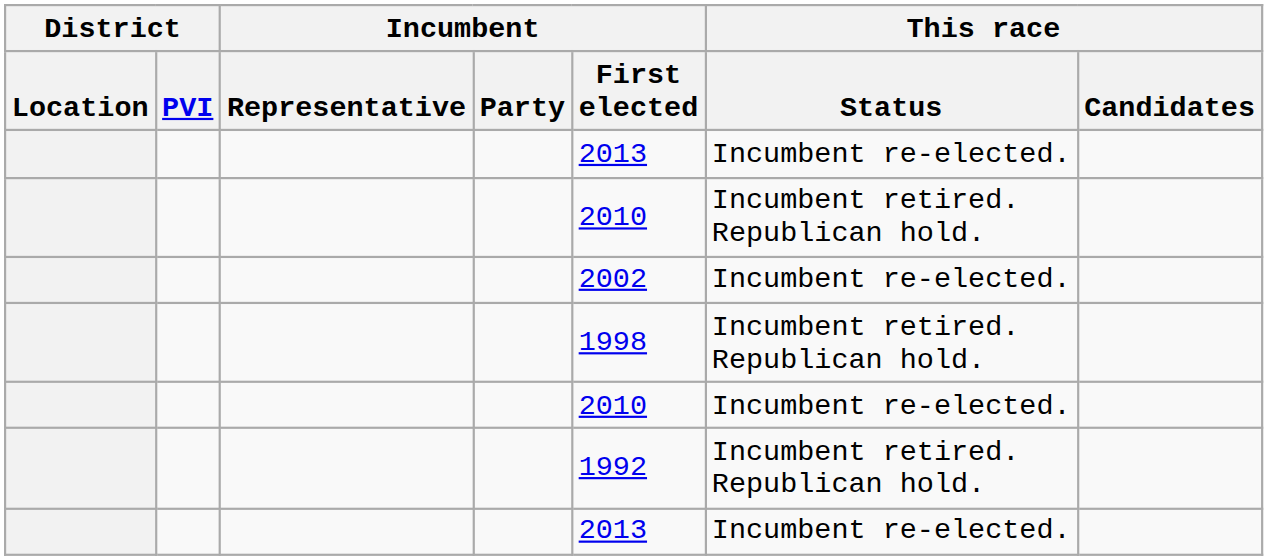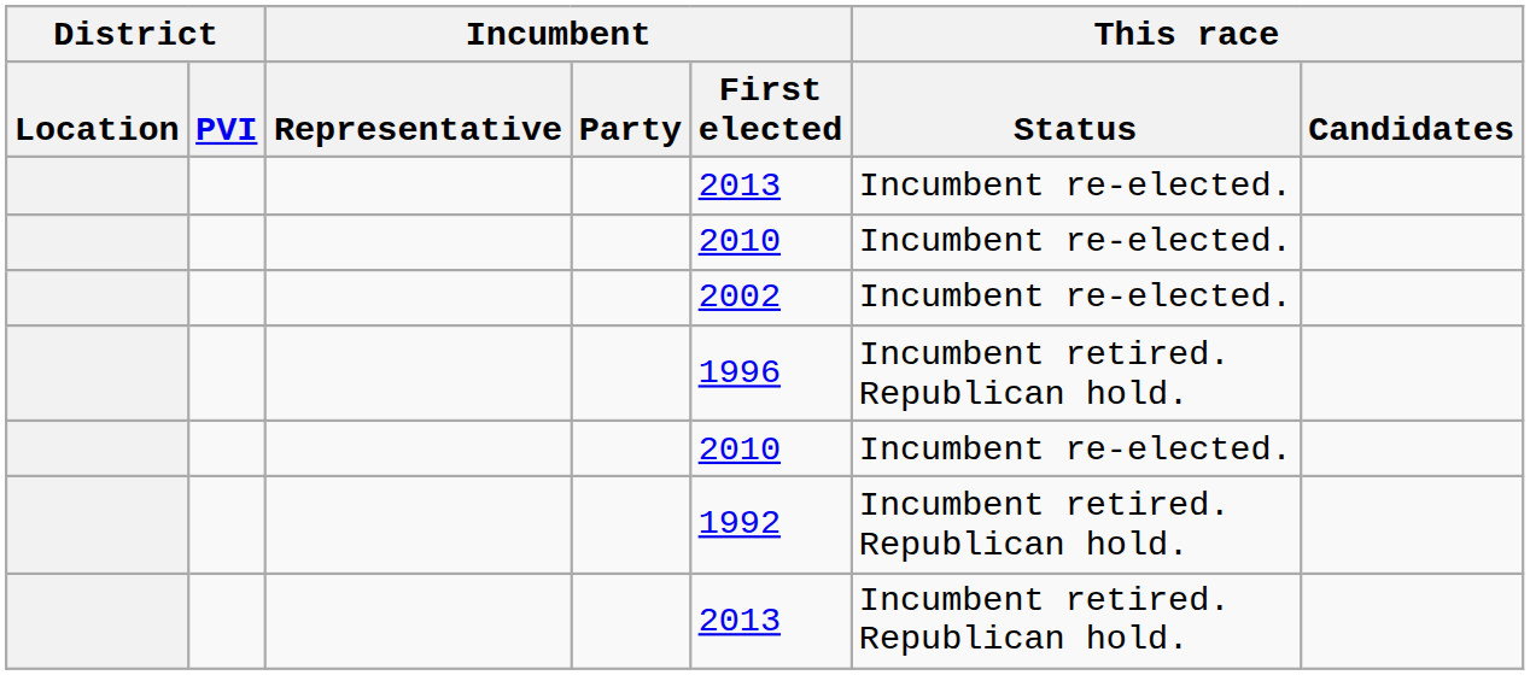 <table class="wikitable sortable">
 <tr valign=bottom>
 <th colspan=2>District</th>
 <th colspan=3>Incumbent</th>
 <th colspan=2>This race</th>
 </tr>
 <tr valign=bottom>
 <th>Location</th>
 <th><a href='#'>PVI</a></th>
 <th>Representative</th>
 <th>Party</th>
 <th>First<br>elected</th>
 <th>Status</th>
 <th>Candidates</th>
 </tr>
 <tr>
 <th></th>
 <td></td>
 <td></td>
 <td></td>
 <td><a href='#'>2013 </a></td>
 <td>Incumbent re-elected.</td>
 <td nowrap></td>
 </tr>
 <tr>
 <th></th>
 <td></td>
 <td></td>
 <td></td>
 <td><a href='#'>2010</a></td>
-<td>Incumbent retired.<br>Republican hold.</td>
+<td>Incumbent re-elected.</td>
 <td nowrap></td>
 </tr>
 <tr>
 <th></th>
 <td></td>
 <td></td>
 <td></td>
 <td><a href='#'>2002</a></td>
 <td>Incumbent re-elected.</td>
 <td nowrap></td>
 </tr>
 <tr>
 <th></th>
 <td></td>
 <td></td>
 <td></td>
-<td><a href='#'>1998</a></td>
+<td><a href='#'>1996</a></td>
 <td>Incumbent retired.<br>Republican hold.</td>
 <td nowrap></td>
 </tr>
 <tr>
 <th></th>
 <td></td>
 <td></td>
 <td></td>
 <td><a href='#'>2010</a></td>
 <td>Incumbent re-elected.</td>
 <td nowrap></td>
 </tr>
 <tr>
 <th></th>
 <td></td>
 <td></td>
 <td></td>
 <td><a href='#'>1992</a></td>
 <td>Incumbent retired.<br>Republican hold.</td>
 <td nowrap></td>
 </tr>
 <tr>
 <th></th>
 <td></td>
 <td></td>
 <td></td>
 <td><a href='#'>2013</a></td>
-<td>Incumbent re-elected.</td>
+<td>Incumbent retired.<br>Republican hold.</td>
 <td nowrap></td>
 </tr>
 </table>
